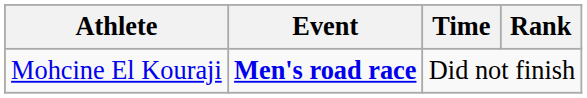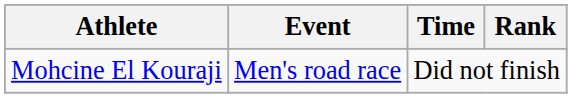 <table class=wikitable style=font-size:90%;text-align:center>
 <tr>
 <th>Athlete</th>
 <th>Event</th>
 <th>Time</th>
 <th>Rank</th>
 </tr>
 <tr>
 <td align=left><a href='#'>Mohcine El Kouraji</a></td>
-<td align=left><strong><a href='#'>Men's road race</a></strong></td>
+<td align=left><a href='#'>Men's road race</a></td>
 <td colspan=2>Did not finish</td>
 </tr>
 </table>
